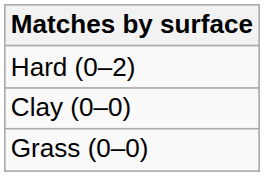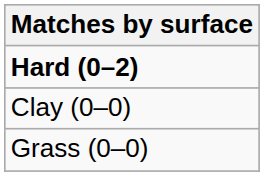 <table class=wikitable>
 <tr>
 <th>Matches by surface</th>
 </tr>
 <tr>
-<td>Hard (0–2)</td>
+<td><strong>Hard (0–2)</strong></td>
 </tr>
 <tr>
 <td>Clay (0–0)</td>
 </tr>
 <tr>
 <td>Grass (0–0)</td>
 </tr>
 </table>
